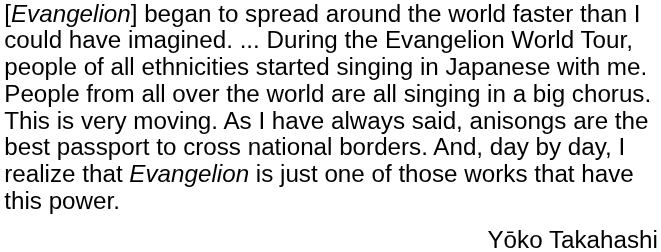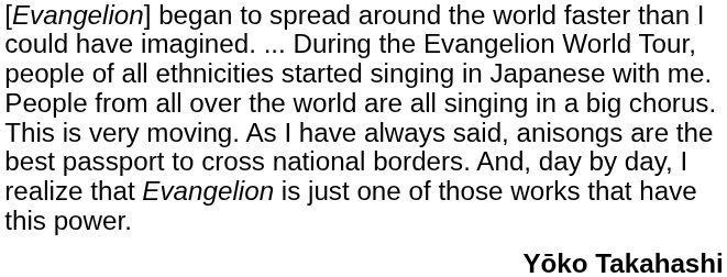 <table class="toccolours" style="float: right; margin-left: 1em; margin-right: 2em; font-size: 85%; background:#white; color:black; width:30em; max-width: 30%;" cellspacing="5">
 <tr>
 <td style="text-align: left;"><br>[<em>Evangelion</em>] began to spread around the world faster than I could have imagined. ... During the Evangelion World Tour, people of all ethnicities started singing in Japanese with me. People from all over the world are all singing in a big chorus. This is very moving. As I have always said, anisongs are the best passport to cross national borders. And, day by day, I realize that <em>Evangelion</em> is just one of those works that have this power.</td>
 </tr>
 <tr>
-<td style="text-align: right;">Yōko Takahashi</td>
+<td style="text-align: right;"><strong>Yōko Takahashi</strong></td>
 </tr>
 </table>
